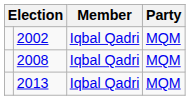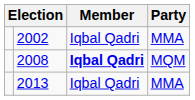 <table class="wikitable">
 <tr>
 <th colspan="2">Election</th>
 <th>Member</th>
 <th>Party</th>
 </tr>
 <tr>
 <td style="background-color: "></td>
 <td><a href='#'>2002</a></td>
 <td><a href='#'>Iqbal Qadri</a></td>
-<td><a href='#'>MQM</a></td>
+<td><a href='#'>MMA</a></td>
 </tr>
 <tr>
 <td style="background-color: "></td>
 <td><a href='#'>2008</a></td>
-<td><a href='#'>Iqbal Qadri</a></td>
+<td><strong><a href='#'>Iqbal Qadri</a></strong></td>
 <td><a href='#'>MQM</a></td>
 </tr>
 <tr>
 <td style="background-color: "></td>
 <td><a href='#'>2013</a></td>
 <td><a href='#'>Iqbal Qadri</a></td>
-<td><a href='#'>MQM</a></td>
+<td><a href='#'>MMA</a></td>
 </tr>
 </table>
